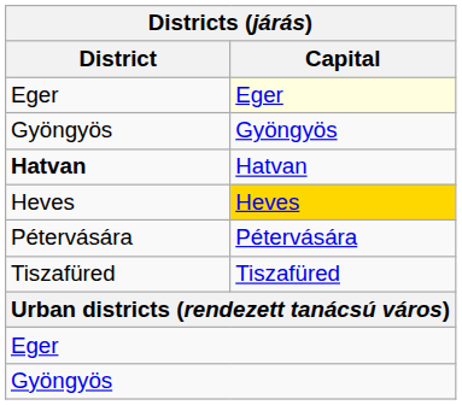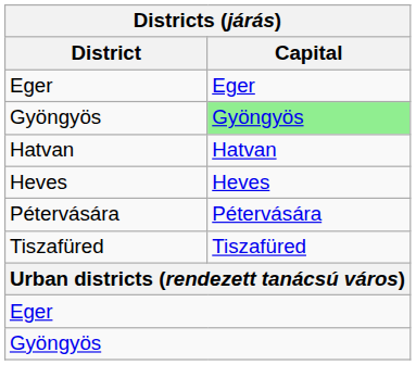 <table class="wikitable">
 <tr>
 <th colspan=2>Districts (<em>járás</em>)</th>
 </tr>
 <tr>
 <th>District</th>
 <th>Capital</th>
 </tr>
 <tr>
 <td>Eger</td>
-<td style="background: lightyellow;"><a href='#'>Eger</a></td>
+<td><a href='#'>Eger</a></td>
 </tr>
 <tr>
 <td>Gyöngyös</td>
-<td><a href='#'>Gyöngyös</a></td>
+<td style="background: lightgreen;"><a href='#'>Gyöngyös</a></td>
 </tr>
 <tr>
-<td><strong>Hatvan</strong></td>
+<td>Hatvan</td>
 <td><a href='#'>Hatvan</a></td>
 </tr>
 <tr>
 <td>Heves</td>
-<td style="background: gold;"><a href='#'>Heves</a></td>
+<td><a href='#'>Heves</a></td>
 </tr>
 <tr>
 <td>Pétervására</td>
 <td><a href='#'>Pétervására</a></td>
 </tr>
 <tr>
 <td>Tiszafüred</td>
 <td><a href='#'>Tiszafüred</a></td>
 </tr>
 <tr>
 <th colspan=2>Urban districts (<em>rendezett tanácsú város</em>)</th>
 </tr>
 <tr>
 <td colspan=2><a href='#'>Eger</a></td>
 </tr>
 <tr>
 <td colspan=2><a href='#'>Gyöngyös</a></td>
 </tr>
 </table>
